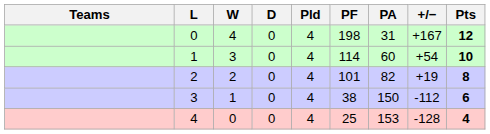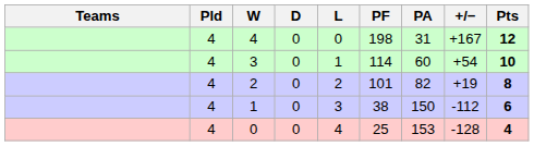 <table class="wikitable" style="text-align: center;">
 <tr>
 <th width="200">Teams</th>
-<th width="40">L</th>
+<th width="40">Pld</th>
 <th width="40">W</th>
 <th width="40">D</th>
-<th width="40">Pld</th>
+<th width="40">L</th>
 <th width="40">PF</th>
 <th width="40">PA</th>
 <th width="40">+/−</th>
 <th width="40">Pts</th>
 </tr>
 <tr style="background:#ccffcc">
 <td align=left></td>
-<td>0</td>
+<td>4</td>
 <td>4</td>
 <td>0</td>
-<td>4</td>
+<td>0</td>
 <td>198</td>
 <td>31</td>
 <td>+167</td>
 <td><strong>12</strong></td>
 </tr>
 <tr style="background:#ccffcc">
 <td align=left></td>
-<td>1</td>
+<td>4</td>
 <td>3</td>
 <td>0</td>
-<td>4</td>
+<td>1</td>
 <td>114</td>
 <td>60</td>
 <td>+54</td>
 <td><strong>10</strong></td>
 </tr>
 <tr style="background:#ccccff">
 <td align=left></td>
-<td>2</td>
+<td>4</td>
 <td>2</td>
 <td>0</td>
-<td>4</td>
+<td>2</td>
 <td>101</td>
 <td>82</td>
 <td>+19</td>
 <td><strong>8</strong></td>
 </tr>
 <tr style="background:#ccccff">
 <td align=left></td>
-<td>3</td>
+<td>4</td>
 <td>1</td>
 <td>0</td>
-<td>4</td>
+<td>3</td>
 <td>38</td>
 <td>150</td>
 <td>-112</td>
 <td><strong>6</strong></td>
 </tr>
 <tr style="background:#ffcccc">
 <td align=left></td>
 <td>4</td>
 <td>0</td>
 <td>0</td>
 <td>4</td>
 <td>25</td>
 <td>153</td>
 <td>-128</td>
 <td><strong>4</strong></td>
 </tr>
 </table>
